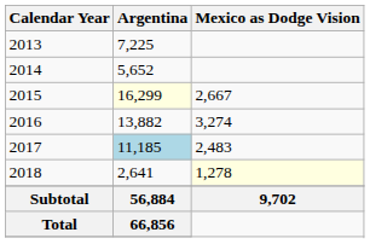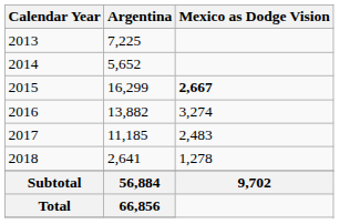 <table class="wikitable">
 <tr>
 <th>Calendar Year</th>
 <th>Argentina</th>
 <th>Mexico as Dodge Vision</th>
 </tr>
 <tr>
 <td>2013</td>
 <td>7,225</td>
 <td></td>
 </tr>
 <tr>
 <td>2014</td>
 <td>5,652</td>
 <td></td>
 </tr>
 <tr>
 <td>2015</td>
-<td style="background: lightyellow;">16,299</td>
-<td>2,667</td>
+<td>16,299</td>
+<td><strong>2,667</strong></td>
 </tr>
 <tr>
 <td>2016</td>
 <td>13,882</td>
 <td>3,274</td>
 </tr>
 <tr>
 <td>2017</td>
-<td style="background: lightblue;">11,185</td>
+<td>11,185</td>
 <td>2,483</td>
 </tr>
 <tr>
 <td>2018</td>
 <td>2,641</td>
-<td style="background: lightyellow;">1,278</td>
+<td>1,278</td>
 </tr>
 <tr>
 </tr>
 <tr>
 </tr>
 <tr>
 <th>Subtotal</th>
 <th>56,884</th>
 <th>9,702</th>
 </tr>
 <tr>
 <th>Total</th>
 <th>66,856</th>
 </tr>
 <tr>
 </tr>
 </table>
